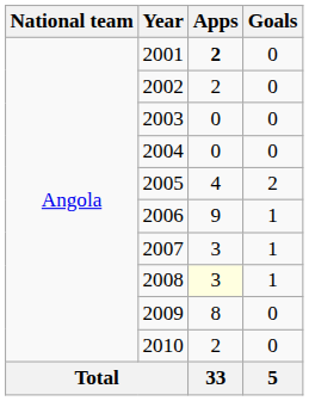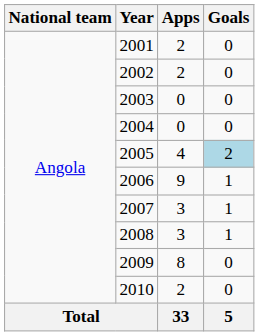 <table class="wikitable" style="text-align:center">
 <tr>
 <th>National team</th>
 <th>Year</th>
 <th>Apps</th>
 <th>Goals</th>
 </tr>
 <tr>
 <td rowspan="10"><a href='#'>Angola</a></td>
 <td>2001</td>
-<td><strong>2</strong></td>
+<td>2</td>
 <td>0</td>
 </tr>
 <tr>
 <td>2002</td>
 <td>2</td>
 <td>0</td>
 </tr>
 <tr>
 <td>2003</td>
 <td>0</td>
 <td>0</td>
 </tr>
 <tr>
 <td>2004</td>
 <td>0</td>
 <td>0</td>
 </tr>
 <tr>
 <td>2005</td>
 <td>4</td>
-<td>2</td>
+<td style="background: lightblue;">2</td>
 </tr>
 <tr>
 <td>2006</td>
 <td>9</td>
 <td>1</td>
 </tr>
 <tr>
 <td>2007</td>
 <td>3</td>
 <td>1</td>
 </tr>
 <tr>
 <td>2008</td>
-<td style="background: lightyellow;">3</td>
+<td>3</td>
 <td>1</td>
 </tr>
 <tr>
 <td>2009</td>
 <td>8</td>
 <td>0</td>
 </tr>
 <tr>
 <td>2010</td>
 <td>2</td>
 <td>0</td>
 </tr>
 <tr>
 <th colspan="2">Total</th>
 <th>33</th>
 <th>5</th>
 </tr>
 </table>
